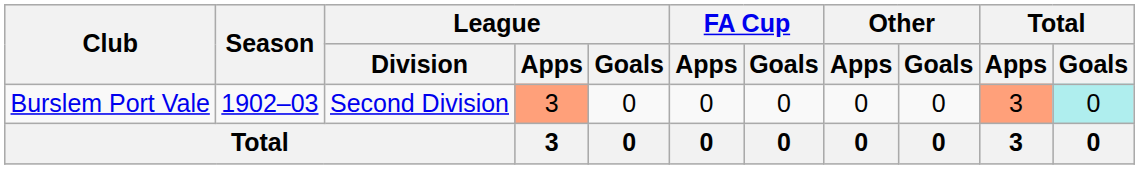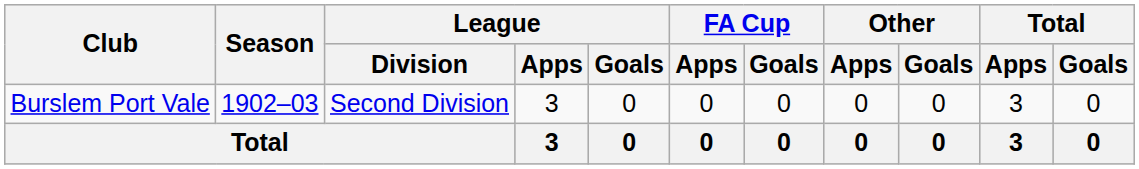 <table class="wikitable" style="text-align:center">
 <tr>
 <th rowspan="2">Club</th>
 <th rowspan="2">Season</th>
 <th colspan="3">League</th>
 <th colspan="2"><a href='#'>FA Cup</a></th>
 <th colspan="2">Other</th>
 <th colspan="2">Total</th>
 </tr>
 <tr>
 <th>Division</th>
 <th>Apps</th>
 <th>Goals</th>
 <th>Apps</th>
 <th>Goals</th>
 <th>Apps</th>
 <th>Goals</th>
 <th>Apps</th>
 <th>Goals</th>
 </tr>
 <tr>
 <td><a href='#'>Burslem Port Vale</a></td>
 <td><a href='#'>1902–03</a></td>
 <td><a href='#'>Second Division</a></td>
-<td style="background: lightsalmon;">3</td>
+<td>3</td>
 <td>0</td>
 <td>0</td>
 <td>0</td>
 <td>0</td>
 <td>0</td>
-<td style="background: lightsalmon;">3</td>
-<td style="background: paleturquoise;">0</td>
+<td>3</td>
+<td>0</td>
 </tr>
 <tr>
 <th colspan="3">Total</th>
 <th>3</th>
 <th>0</th>
 <th>0</th>
 <th>0</th>
 <th>0</th>
 <th>0</th>
 <th>3</th>
 <th>0</th>
 </tr>
 </table>
